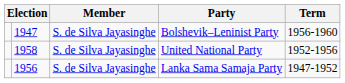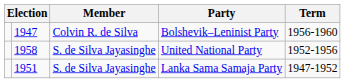 <table class="wikitable">
 <tr>
 <th colspan="2">Election</th>
 <th>Member</th>
 <th>Party</th>
 <th>Term</th>
 </tr>
 <tr>
 <td style="background-color: "></td>
 <td><a href='#'>1947</a></td>
-<td><a href='#'>S. de Silva Jayasinghe</a></td>
+<td><a href='#'>Colvin R. de Silva</a></td>
 <td><a href='#'>Bolshevik–Leninist Party</a></td>
 <td>1956-1960</td>
 </tr>
 <tr>
 <td style="background-color: "></td>
 <td><a href='#'>1958</a></td>
 <td><a href='#'>S. de Silva Jayasinghe</a></td>
 <td><a href='#'>United National Party</a></td>
 <td>1952-1956</td>
 </tr>
 <tr>
 <td style="background-color: "></td>
-<td><a href='#'>1956</a></td>
+<td><a href='#'>1951</a></td>
 <td><a href='#'>S. de Silva Jayasinghe</a></td>
 <td><a href='#'>Lanka Sama Samaja Party</a></td>
 <td>1947-1952</td>
 </tr>
 </table>
